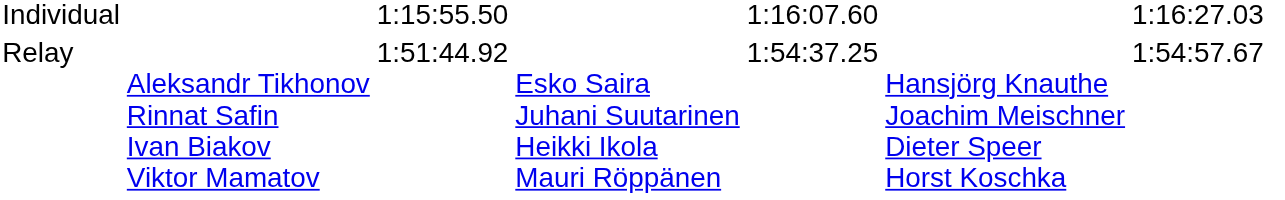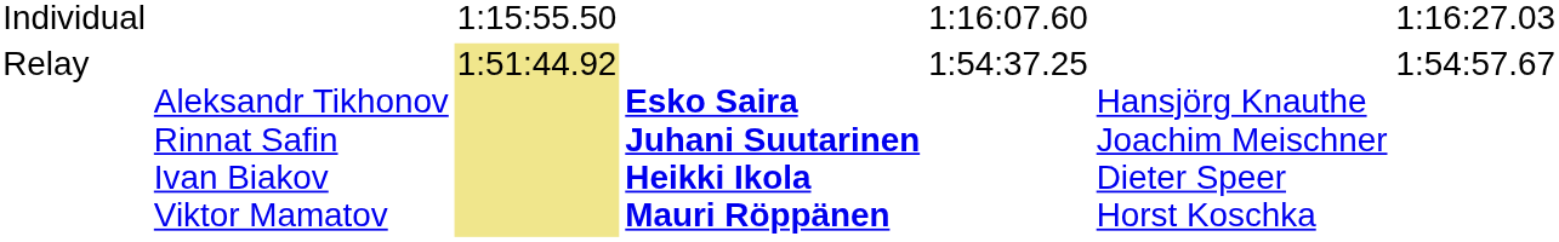 <table>
 <tr valign="top">
 <td>Individual<br></td>
 <td></td>
 <td>1:15:55.50</td>
 <td></td>
 <td>1:16:07.60</td>
 <td></td>
 <td>1:16:27.03</td>
 </tr>
 <tr valign="top">
 <td>Relay<br></td>
 <td><br><a href='#'>Aleksandr Tikhonov</a><br><a href='#'>Rinnat Safin</a><br><a href='#'>Ivan Biakov</a><br><a href='#'>Viktor Mamatov</a></td>
-<td>1:51:44.92</td>
-<td><br><a href='#'>Esko Saira</a><br><a href='#'>Juhani Suutarinen</a><br><a href='#'>Heikki Ikola</a><br><a href='#'>Mauri Röppänen</a></td>
+<td style="background: khaki;">1:51:44.92</td>
+<td><strong><br><a href='#'>Esko Saira</a><br><a href='#'>Juhani Suutarinen</a><br><a href='#'>Heikki Ikola</a><br><a href='#'>Mauri Röppänen</a></strong></td>
 <td>1:54:37.25</td>
 <td><br><a href='#'>Hansjörg Knauthe</a><br><a href='#'>Joachim Meischner</a><br><a href='#'>Dieter Speer</a><br><a href='#'>Horst Koschka</a></td>
 <td>1:54:57.67</td>
 </tr>
 </table>
